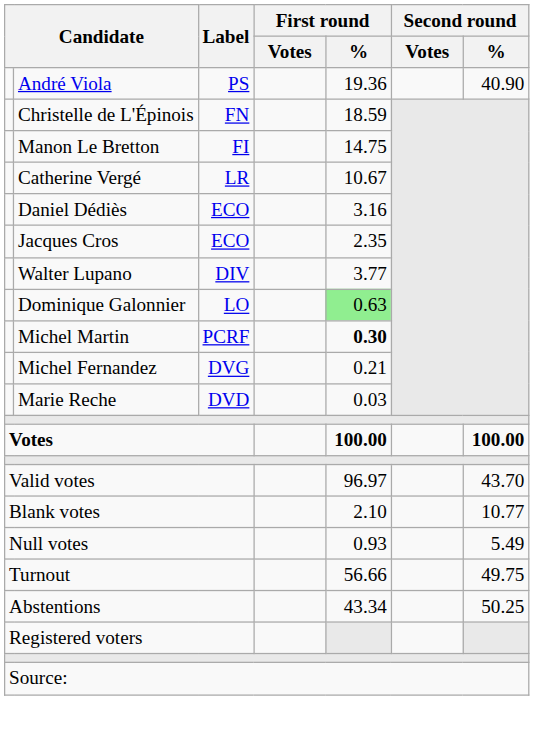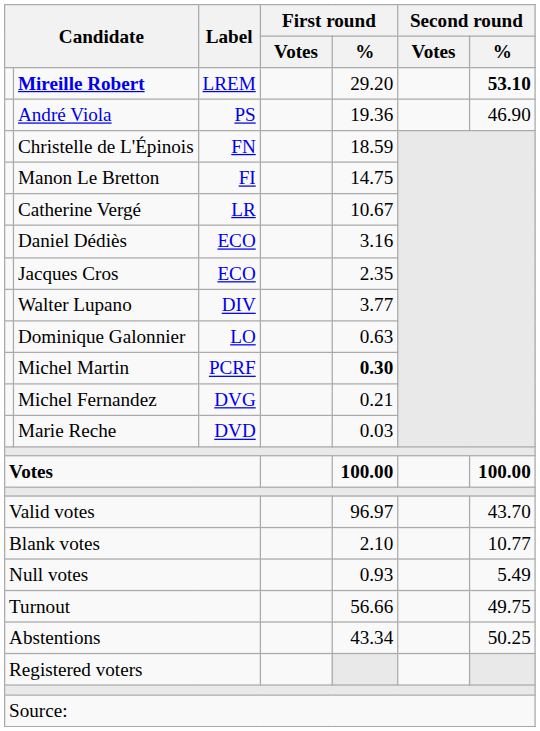 <table class="wikitable" style="text-align:right;font-size:95%;">
 <tr>
 <th rowspan="2" colspan="2">Candidate</th>
 <th rowspan="2">Label</th>
 <th colspan="2">First round</th>
 <th colspan="2">Second round</th>
 </tr>
 <tr>
 <th style="width:50px;">Votes</th>
 <th style="width:45px;">%</th>
 <th style="width:50px;">Votes</th>
 <th style="width:45px;">%</th>
 </tr>
 <tr>
 <td style="color:inherit;background:"></td>
+<td style="text-align:left;"><strong><a href='#'>Mireille Robert</a></strong></td>
+<td><a href='#'>LREM</a></td>
+<td></td>
+<td>29.20</td>
+<td><strong></strong></td>
+<td><strong>53.10</strong></td>
+</tr>
+<tr>
+<td style="color:inherit;background:"></td>
 <td style="text-align:left;"><a href='#'>André Viola</a></td>
 <td><a href='#'>PS</a></td>
 <td></td>
 <td>19.36</td>
 <td></td>
-<td>40.90</td>
+<td>46.90</td>
 </tr>
 <tr>
 <td style="color:inherit;background:"></td>
 <td style="text-align:left;">Christelle de L'Épinois</td>
 <td><a href='#'>FN</a></td>
 <td></td>
 <td>18.59</td>
 <td colspan="2" rowspan="10" style="background:#E9E9E9;"></td>
 </tr>
 <tr>
 <td style="color:inherit;background:"></td>
 <td style="text-align:left;">Manon Le Bretton</td>
 <td><a href='#'>FI</a></td>
 <td></td>
 <td>14.75</td>
 </tr>
 <tr>
 <td style="color:inherit;background:"></td>
 <td style="text-align:left;">Catherine Vergé</td>
 <td><a href='#'>LR</a></td>
 <td></td>
 <td>10.67</td>
 </tr>
 <tr>
 <td style="color:inherit;background:"></td>
 <td style="text-align:left;">Daniel Dédiès</td>
 <td><a href='#'>ECO</a></td>
 <td></td>
 <td>3.16</td>
 </tr>
 <tr>
 <td style="color:inherit;background:"></td>
 <td style="text-align:left;">Jacques Cros</td>
 <td><a href='#'>ECO</a></td>
 <td></td>
 <td>2.35</td>
 </tr>
 <tr>
 <td style="color:inherit;background:"></td>
 <td style="text-align:left;">Walter Lupano</td>
 <td><a href='#'>DIV</a></td>
 <td></td>
 <td>3.77</td>
 </tr>
 <tr>
 <td style="color:inherit;background:"></td>
 <td style="text-align:left;">Dominique Galonnier</td>
 <td><a href='#'>LO</a></td>
 <td></td>
-<td style="background: lightgreen;">0.63</td>
+<td>0.63</td>
 </tr>
 <tr>
 <td style="color:inherit;background:"></td>
 <td style="text-align:left;">Michel Martin</td>
 <td><a href='#'>PCRF</a></td>
 <td></td>
 <td><strong>0.30</strong></td>
 </tr>
 <tr>
 <td style="color:inherit;background:"></td>
 <td style="text-align:left;">Michel Fernandez</td>
 <td><a href='#'>DVG</a></td>
 <td></td>
 <td>0.21</td>
 </tr>
 <tr>
 <td style="color:inherit;background:"></td>
 <td style="text-align:left;">Marie Reche</td>
 <td><a href='#'>DVD</a></td>
 <td></td>
 <td>0.03</td>
 </tr>
 <tr>
 <td colspan="7" style="background:#E9E9E9;"></td>
 </tr>
 <tr style="font-weight:bold;">
 <td colspan="3" style="text-align:left;">Votes</td>
 <td></td>
 <td>100.00</td>
 <td></td>
 <td>100.00</td>
 </tr>
 <tr>
 <td colspan="7" style="background:#E9E9E9;"></td>
 </tr>
 <tr>
 <td colspan="3" style="text-align:left;">Valid votes</td>
 <td></td>
 <td>96.97</td>
 <td></td>
 <td>43.70</td>
 </tr>
 <tr>
 <td colspan="3" style="text-align:left;">Blank votes</td>
 <td></td>
 <td>2.10</td>
 <td></td>
 <td>10.77</td>
 </tr>
 <tr>
 <td colspan="3" style="text-align:left;">Null votes</td>
 <td></td>
 <td>0.93</td>
 <td></td>
 <td>5.49</td>
 </tr>
 <tr>
 <td colspan="3" style="text-align:left;">Turnout</td>
 <td></td>
 <td>56.66</td>
 <td></td>
 <td>49.75</td>
 </tr>
 <tr>
 <td colspan="3" style="text-align:left;">Abstentions</td>
 <td></td>
 <td>43.34</td>
 <td></td>
 <td>50.25</td>
 </tr>
 <tr>
 <td colspan="3" style="text-align:left;">Registered voters</td>
 <td></td>
 <td style="background:#E9E9E9;"></td>
 <td></td>
 <td style="background:#E9E9E9;"></td>
 </tr>
 <tr>
 <td colspan="7" style="background:#E9E9E9;"></td>
 </tr>
 <tr>
 <td colspan="7" style="text-align:left;">Source: </td>
 </tr>
 </table>
